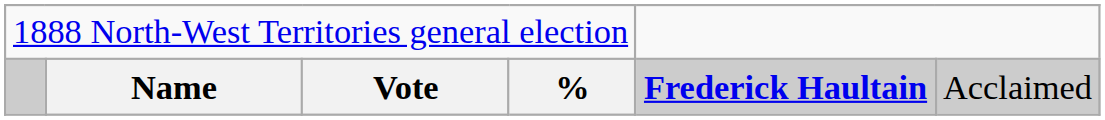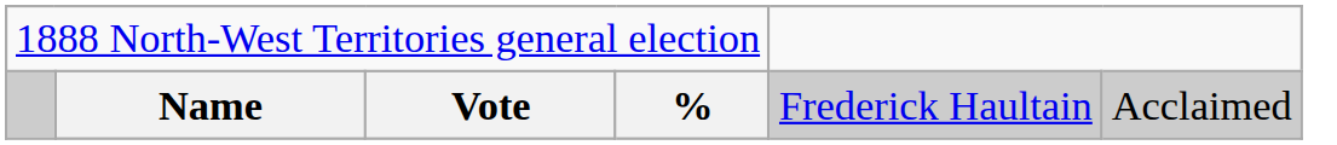 <table class="wikitable">
 <tr>
 <td colspan=4 align=center><a href='#'>1888 North-West Territories general election</a></td>
 </tr>
 <tr bgcolor="CCCCCC">
 <td></td>
 <th>Name</th>
 <th>Vote</th>
 <th>%<br></th>
-<td><strong><a href='#'>Frederick Haultain</a></strong></td>
+<td><a href='#'>Frederick Haultain</a></td>
 <td colspan="2" align=center>Acclaimed</td>
 </tr>
 </table>
